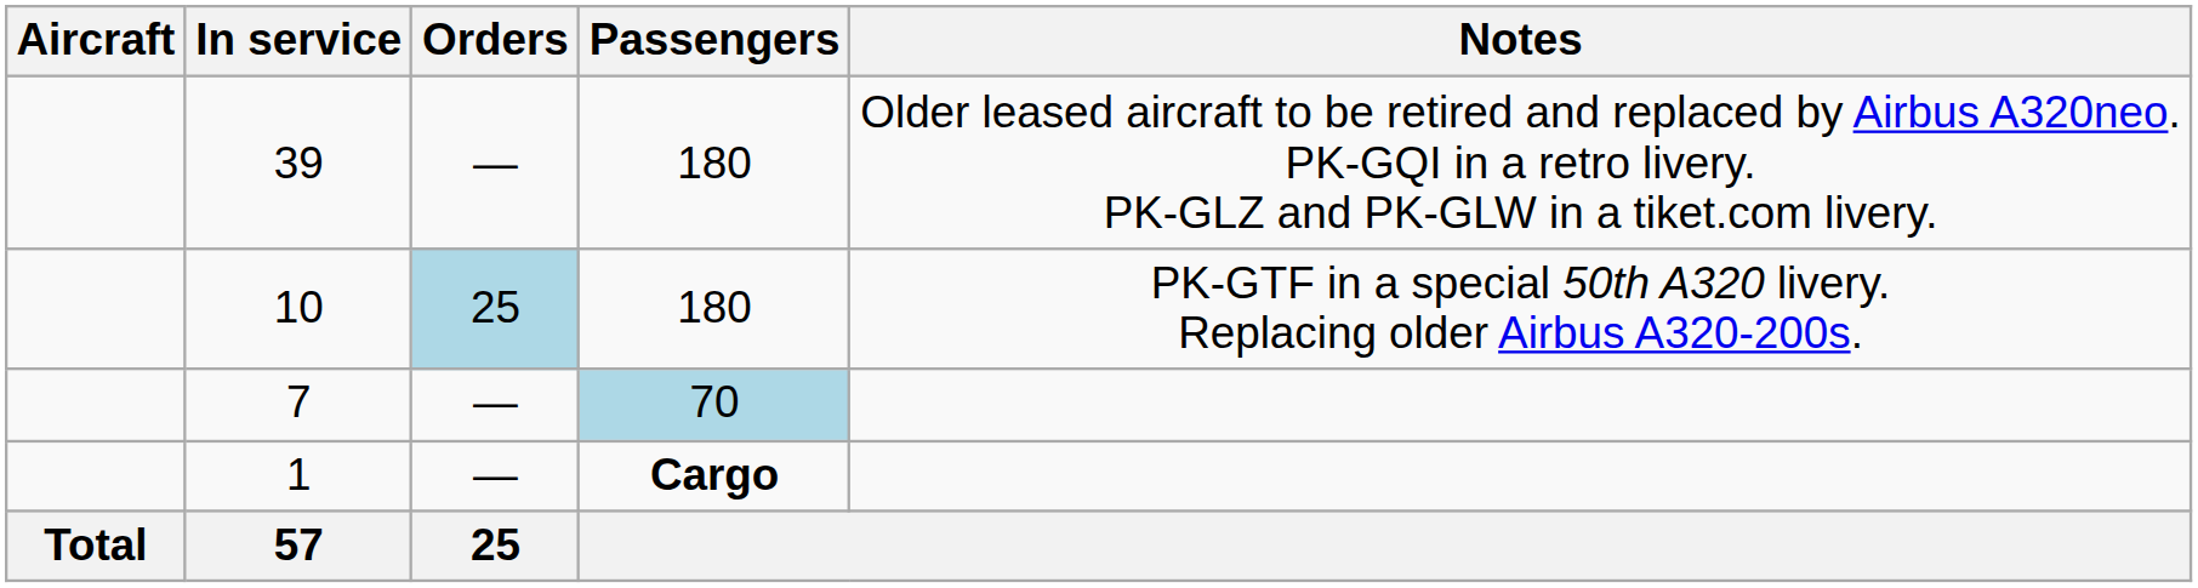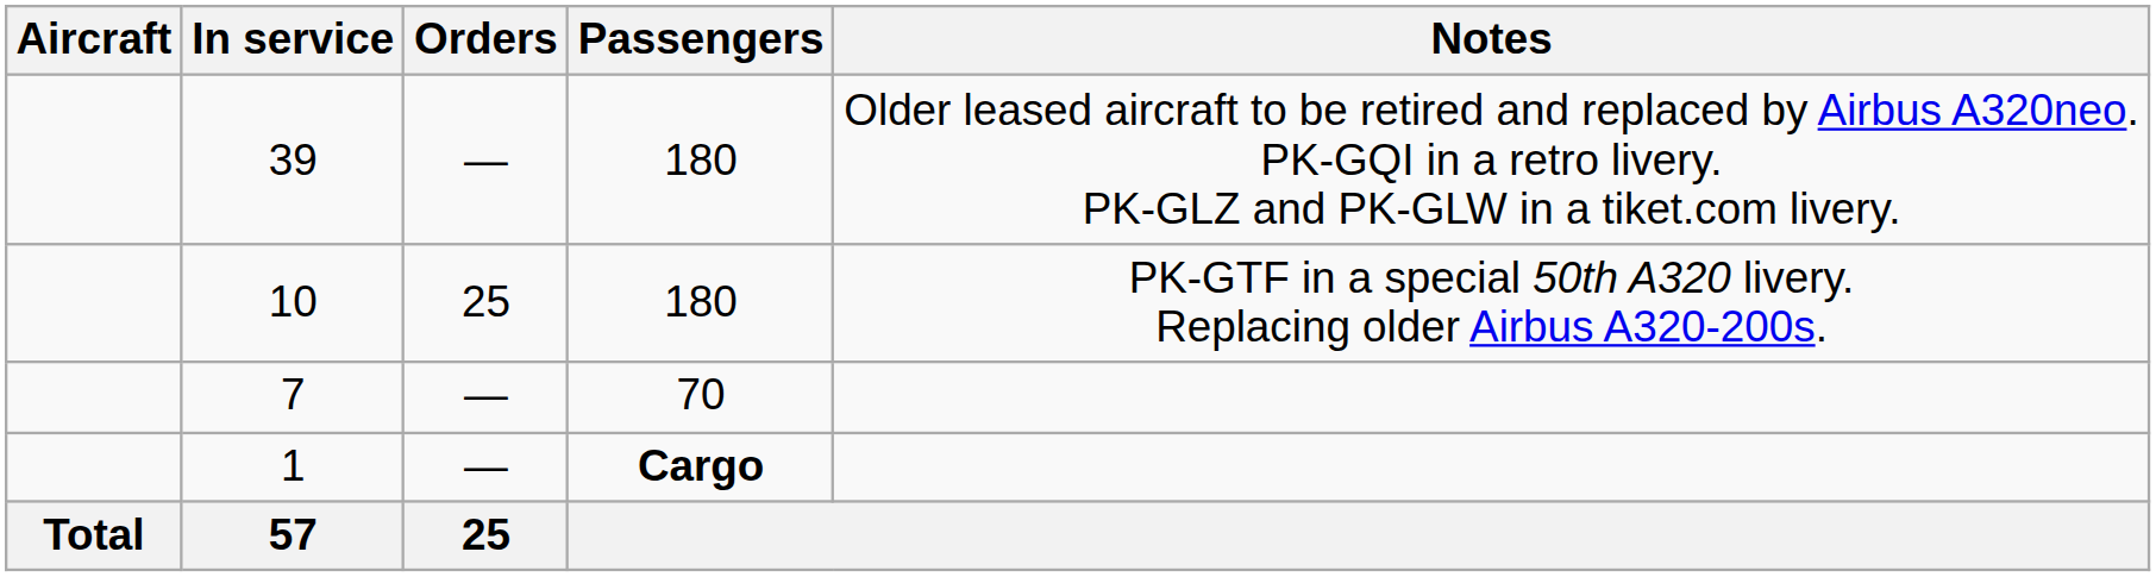 <table class="wikitable" style="margin:1em auto; border-collapse:collapse;text-align:center">
 <tr>
 <th>Aircraft</th>
 <th>In service</th>
 <th>Orders</th>
 <th>Passengers</th>
 <th>Notes</th>
 </tr>
 <tr>
 <td></td>
 <td>39</td>
 <td>—</td>
 <td>180</td>
 <td>Older leased aircraft to be retired and replaced by <a href='#'>Airbus A320neo</a>.<br>PK-GQI in a retro livery.<br>PK-GLZ and PK-GLW in a tiket.com livery.</td>
 </tr>
 <tr>
 <td></td>
 <td>10</td>
-<td style="background: lightblue;">25</td>
+<td>25</td>
 <td>180</td>
 <td>PK-GTF in a special <em>50th A320</em> livery.<br>Replacing older <a href='#'>Airbus A320-200s</a>.</td>
 </tr>
 <tr>
 <td></td>
 <td>7</td>
 <td>—</td>
-<td style="background: lightblue;">70</td>
+<td>70</td>
 <td></td>
 </tr>
 <tr>
 <td></td>
 <td>1</td>
 <td>—</td>
 <td><strong><abbr>Cargo</abbr></strong></td>
 <td></td>
 </tr>
 <tr>
 <th>Total</th>
 <th>57</th>
 <th>25</th>
 <th colspan="2"></th>
 </tr>
 </table>
